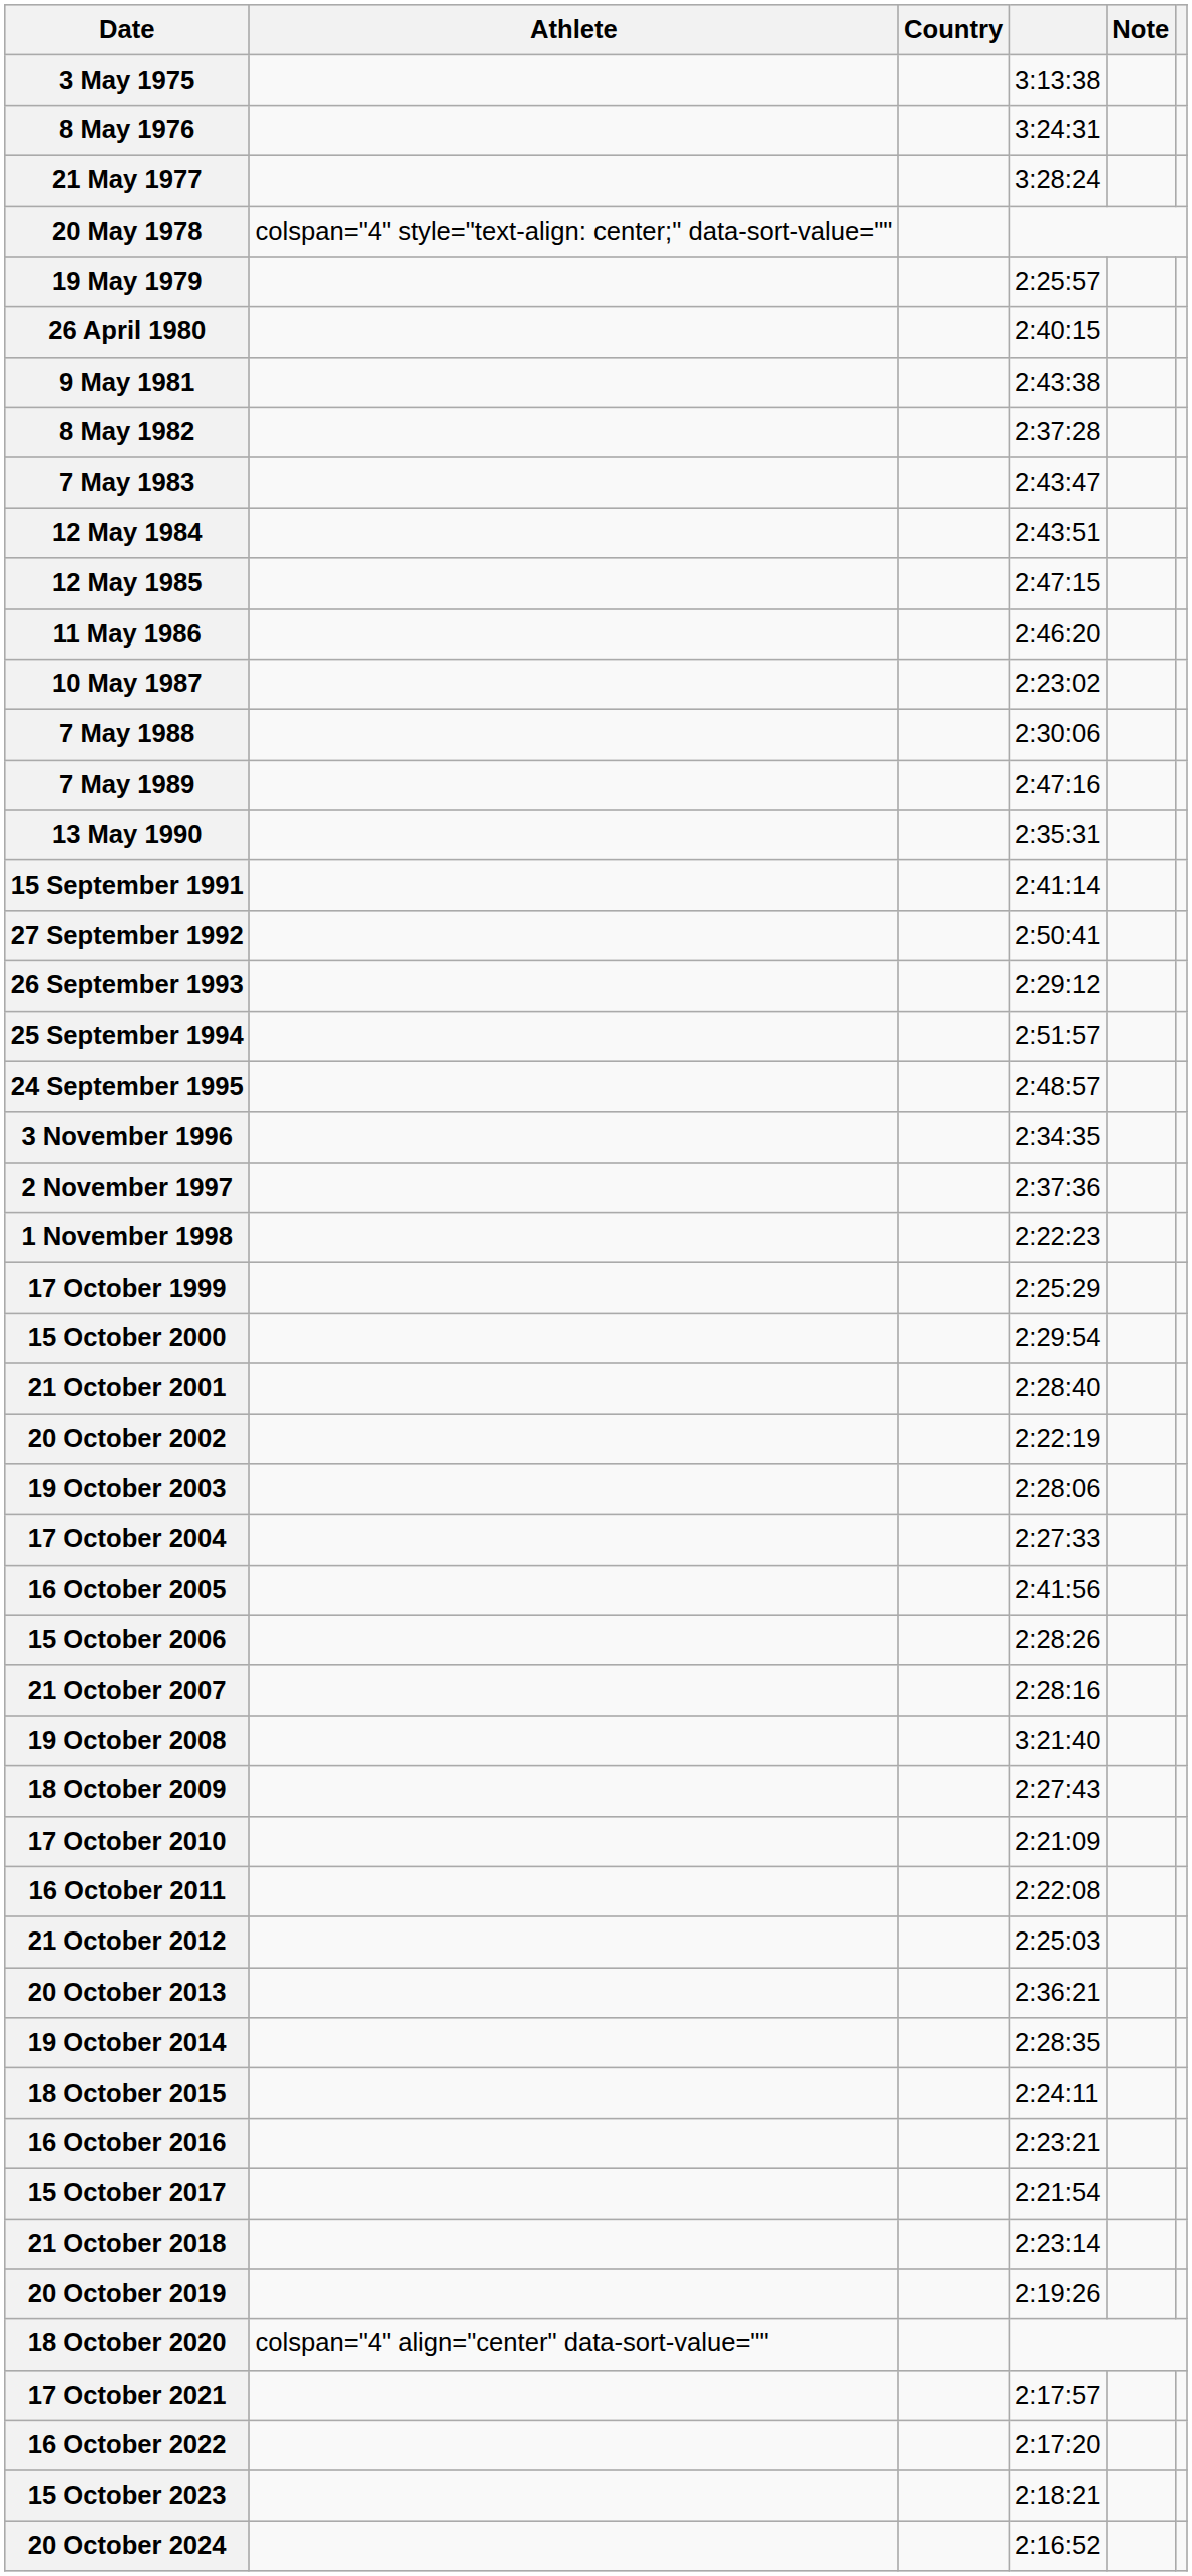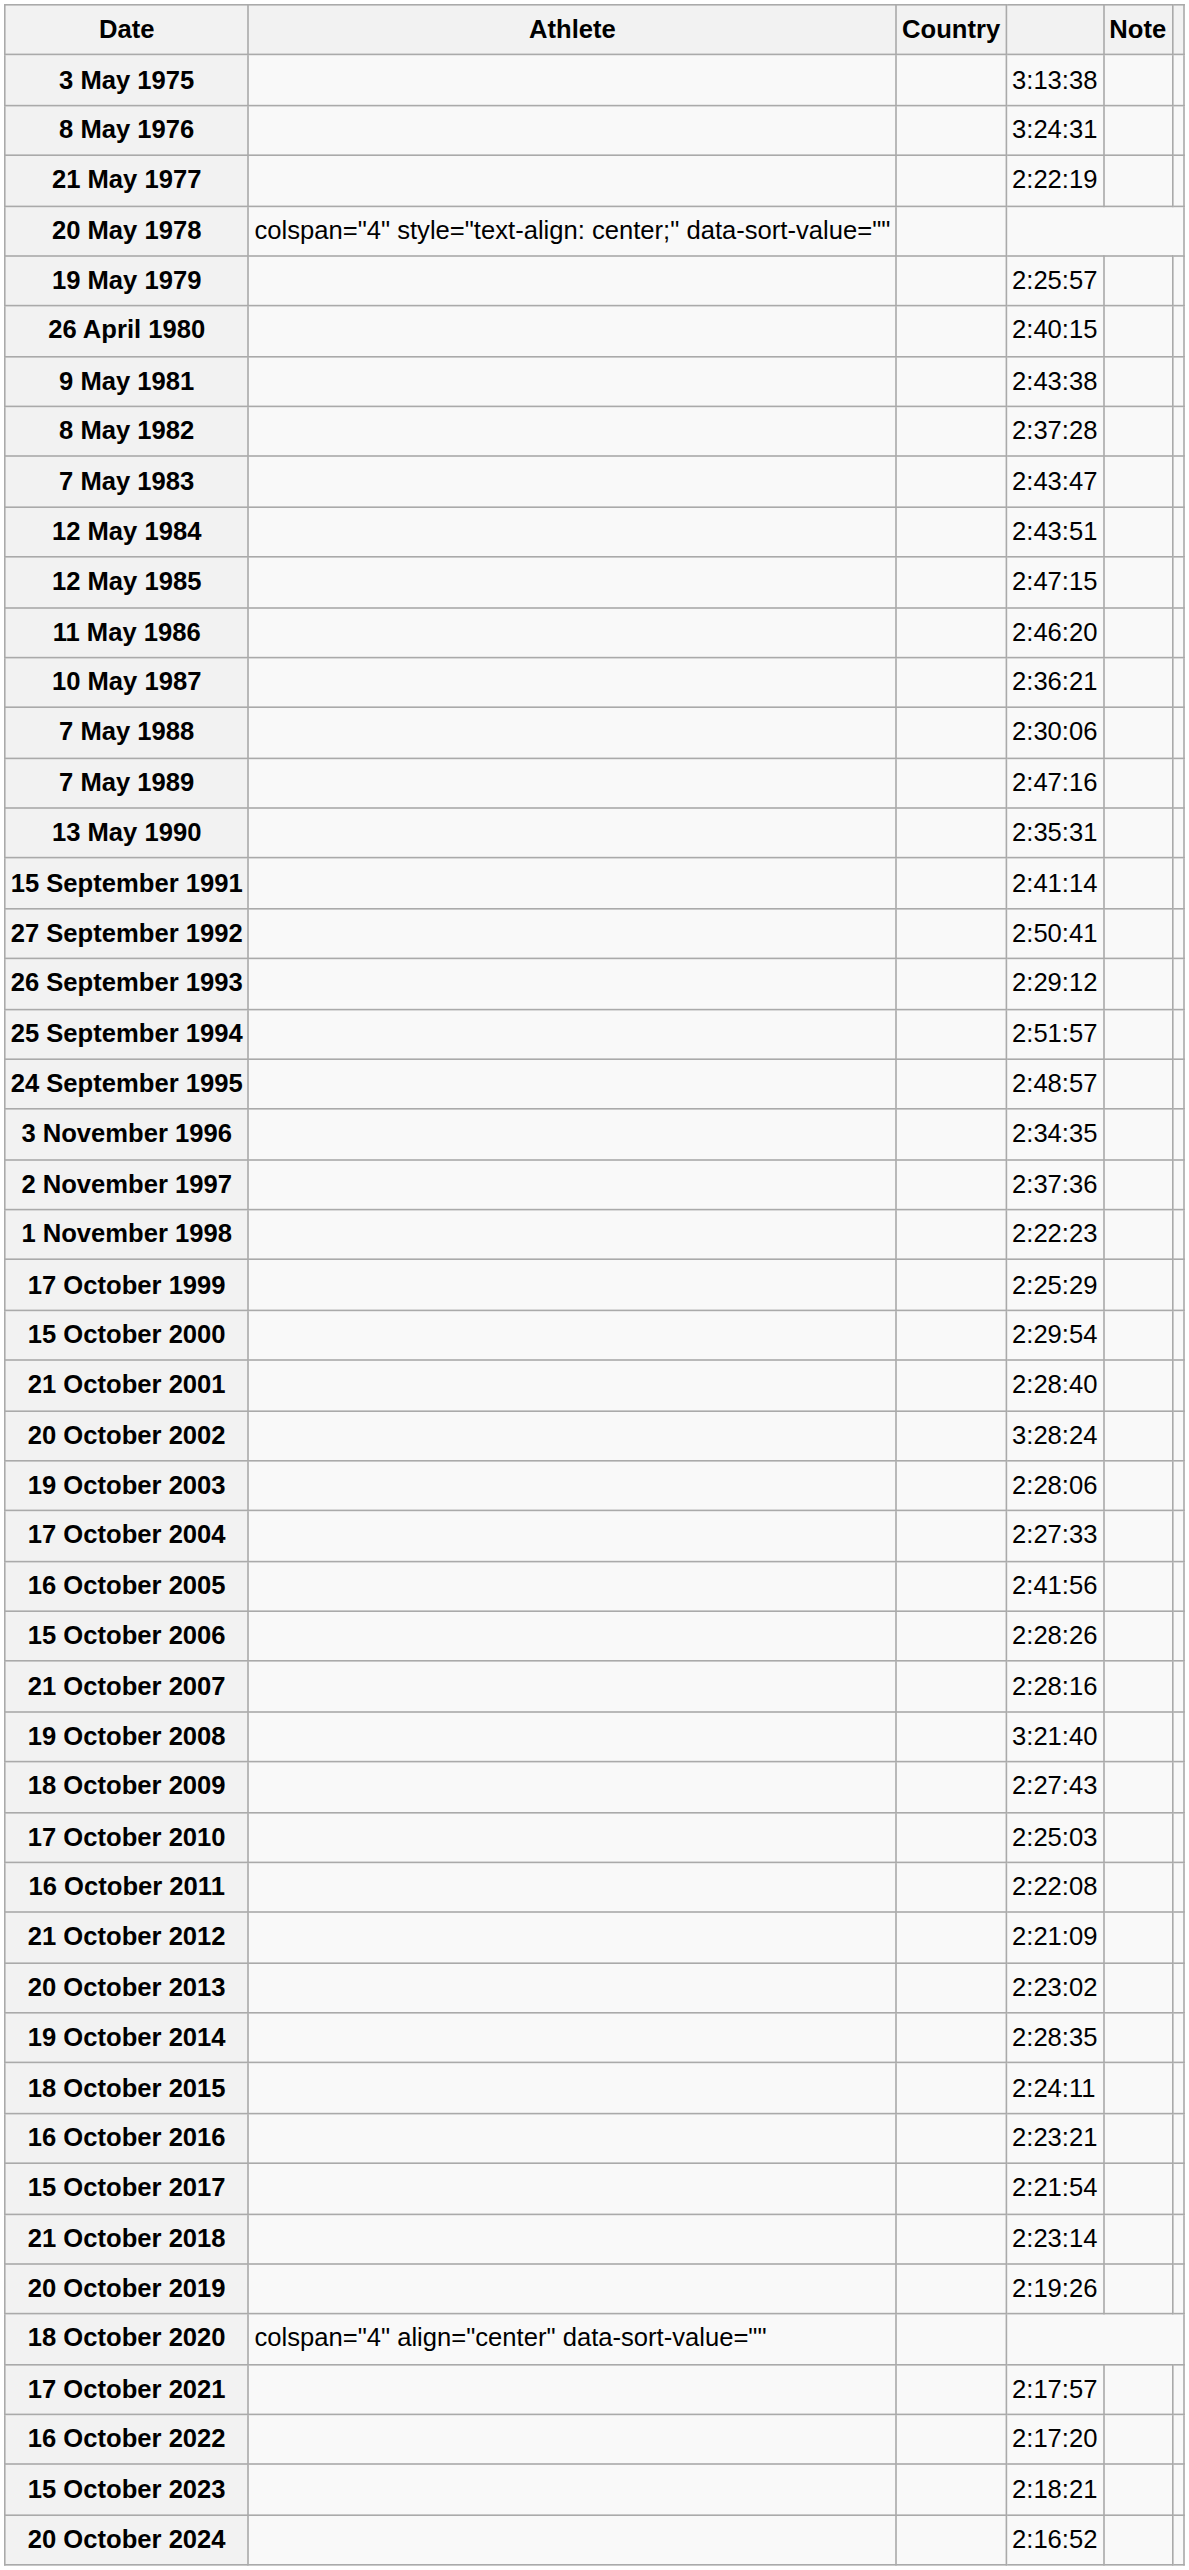 <table class="wikitable sortable plainrowheaders" style="font-size:1.00em; line-height:1.5em;">
 <tr>
 <th scope="col">Date</th>
 <th scope="col">Athlete</th>
 <th scope="col">Country</th>
 <th scope="col"></th>
 <th scope="col">Note</th>
 <th scope="col" class="unsortable"></th>
 </tr>
 <tr>
 <th scope="row">3 May 1975</th>
 <td></td>
 <td></td>
 <td>3:13:38</td>
 <td style="text-align:center;"><a href='#'></a></td>
 <td style="text-align:center;"></td>
 </tr>
 <tr>
 <th scope="row">8 May 1976</th>
 <td></td>
 <td></td>
 <td>3:24:31</td>
 <td></td>
 <td style="text-align:center;"></td>
 </tr>
 <tr>
 <th scope="row">21 May 1977</th>
 <td></td>
 <td></td>
-<td>3:28:24</td>
+<td>2:22:19</td>
 <td></td>
 <td style="text-align:center;"></td>
 </tr>
 <tr>
 <th scope="row">20 May 1978</th>
 <td>colspan="4" style="text-align: center;" data-sort-value="" </td>
 <td style="text-align:center;"></td>
 </tr>
 <tr>
 <th scope="row">19 May 1979</th>
 <td></td>
 <td></td>
 <td>2:25:57</td>
 <td></td>
 <td style="text-align:center;"></td>
 </tr>
 <tr>
 <th scope="row">26 April 1980</th>
 <td></td>
 <td></td>
 <td>2:40:15</td>
 <td style="text-align:center;"><a href='#'></a></td>
 <td style="text-align:center;"></td>
 </tr>
 <tr>
 <th scope="row">9 May 1981</th>
 <td></td>
 <td></td>
 <td>2:43:38</td>
 <td></td>
 <td style="text-align:center;"></td>
 </tr>
 <tr>
 <th scope="row">8 May 1982</th>
 <td></td>
 <td></td>
 <td>2:37:28</td>
 <td style="text-align:center;"><a href='#'></a></td>
 <td style="text-align:center;"></td>
 </tr>
 <tr>
 <th scope="row">7 May 1983</th>
 <td></td>
 <td></td>
 <td>2:43:47</td>
 <td></td>
 <td style="text-align:center;"></td>
 </tr>
 <tr>
 <th scope="row">12 May 1984</th>
 <td></td>
 <td></td>
 <td>2:43:51</td>
 <td></td>
 <td style="text-align:center;"></td>
 </tr>
 <tr>
 <th scope="row">12 May 1985</th>
 <td></td>
 <td></td>
 <td>2:47:15</td>
 <td></td>
 <td style="text-align:center;"></td>
 </tr>
 <tr>
 <th scope="row">11 May 1986</th>
 <td></td>
 <td></td>
 <td>2:46:20</td>
 <td></td>
 <td style="text-align:center;"></td>
 </tr>
 <tr>
 <th scope="row">10 May 1987</th>
 <td></td>
 <td></td>
-<td>2:23:02</td>
+<td>2:36:21</td>
 <td style="text-align:center;"><a href='#'></a></td>
 <td style="text-align:center;"></td>
 </tr>
 <tr>
 <th scope="row">7 May 1988</th>
 <td></td>
 <td></td>
 <td>2:30:06</td>
 <td></td>
 <td style="text-align:center;"></td>
 </tr>
 <tr>
 <th scope="row">7 May 1989</th>
 <td></td>
 <td></td>
 <td>2:47:16</td>
 <td></td>
 <td style="text-align:center;"></td>
 </tr>
 <tr>
 <th scope="row">13 May 1990</th>
 <td></td>
 <td></td>
 <td>2:35:31</td>
 <td style="text-align:center;"><a href='#'></a></td>
 <td style="text-align:center;"></td>
 </tr>
 <tr>
 <th scope="row">15 September 1991</th>
 <td></td>
 <td></td>
 <td>2:41:14</td>
 <td></td>
 <td style="text-align:center;"></td>
 </tr>
 <tr>
 <th scope="row">27 September 1992</th>
 <td></td>
 <td></td>
 <td>2:50:41</td>
 <td></td>
 <td style="text-align:center;"></td>
 </tr>
 <tr>
 <th scope="row">26 September 1993</th>
 <td></td>
 <td></td>
 <td>2:29:12</td>
 <td style="text-align:center;"><a href='#'></a></td>
 <td style="text-align:center;"></td>
 </tr>
 <tr>
 <th scope="row">25 September 1994</th>
 <td></td>
 <td></td>
 <td>2:51:57</td>
 <td></td>
 <td style="text-align:center;"></td>
 </tr>
 <tr>
 <th scope="row">24 September 1995</th>
 <td></td>
 <td></td>
 <td>2:48:57</td>
 <td></td>
 <td style="text-align:center;"></td>
 </tr>
 <tr>
 <th scope="row">3 November 1996</th>
 <td></td>
 <td></td>
 <td>2:34:35</td>
 <td></td>
 <td style="text-align:center;"></td>
 </tr>
 <tr>
 <th scope="row">2 November 1997</th>
 <td></td>
 <td></td>
 <td>2:37:36</td>
 <td></td>
 <td style="text-align:center;"></td>
 </tr>
 <tr>
 <th scope="row">1 November 1998</th>
 <td></td>
 <td></td>
 <td>2:22:23</td>
 <td style="text-align:center;"><a href='#'></a></td>
 <td style="text-align:center;"></td>
 </tr>
 <tr>
 <th scope="row">17 October 1999</th>
 <td></td>
 <td></td>
 <td>2:25:29</td>
 <td></td>
 <td style="text-align:center;"></td>
 </tr>
 <tr>
 <th scope="row">15 October 2000</th>
 <td></td>
 <td></td>
 <td>2:29:54</td>
 <td></td>
 <td style="text-align:center;"></td>
 </tr>
 <tr>
 <th scope="row">21 October 2001</th>
 <td></td>
 <td></td>
 <td>2:28:40</td>
 <td></td>
 <td style="text-align:center;"></td>
 </tr>
 <tr>
 <th scope="row">20 October 2002</th>
 <td></td>
 <td></td>
-<td>2:22:19</td>
+<td>3:28:24</td>
 <td style="text-align:center;"><a href='#'></a></td>
 <td style="text-align:center;"></td>
 </tr>
 <tr>
 <th scope="row">19 October 2003</th>
 <td></td>
 <td></td>
 <td>2:28:06</td>
 <td></td>
 <td style="text-align:center;"></td>
 </tr>
 <tr>
 <th scope="row">17 October 2004</th>
 <td></td>
 <td></td>
 <td>2:27:33</td>
 <td></td>
 <td style="text-align:center;"></td>
 </tr>
 <tr>
 <th scope="row">16 October 2005</th>
 <td></td>
 <td></td>
 <td>2:41:56</td>
 <td></td>
 <td style="text-align:center;"></td>
 </tr>
 <tr>
 <th scope="row">15 October 2006</th>
 <td></td>
 <td></td>
 <td>2:28:26</td>
 <td></td>
 <td style="text-align:center;"></td>
 </tr>
 <tr>
 <th scope="row">21 October 2007</th>
 <td></td>
 <td></td>
 <td>2:28:16</td>
 <td></td>
 <td style="text-align:center;"></td>
 </tr>
 <tr>
 <th scope="row">19 October 2008</th>
 <td></td>
 <td></td>
 <td>3:21:40</td>
 <td></td>
 <td style="text-align:center;"></td>
 </tr>
 <tr>
 <th scope="row">18 October 2009</th>
 <td></td>
 <td></td>
 <td>2:27:43</td>
 <td></td>
 <td style="text-align:center;"></td>
 </tr>
 <tr>
 <th scope="row">17 October 2010</th>
 <td></td>
 <td></td>
-<td>2:21:09</td>
+<td>2:25:03</td>
 <td></td>
 <td style="text-align:center;"></td>
 </tr>
 <tr>
 <th scope="row">16 October 2011</th>
 <td></td>
 <td></td>
 <td>2:22:08</td>
 <td style="text-align:center;"><a href='#'></a></td>
 <td style="text-align:center;"></td>
 </tr>
 <tr>
 <th scope="row">21 October 2012</th>
 <td></td>
 <td></td>
-<td>2:25:03</td>
+<td>2:21:09</td>
 <td style="text-align:center;"><a href='#'></a></td>
 <td style="text-align:center;"></td>
 </tr>
 <tr>
 <th scope="row">20 October 2013</th>
 <td></td>
 <td></td>
-<td>2:36:21</td>
+<td>2:23:02</td>
 <td></td>
 <td style="text-align:center;"></td>
 </tr>
 <tr>
 <th scope="row">19 October 2014</th>
 <td></td>
 <td></td>
 <td>2:28:35</td>
 <td></td>
 <td style="text-align:center;"></td>
 </tr>
 <tr>
 <th scope="row">18 October 2015</th>
 <td></td>
 <td></td>
 <td>2:24:11</td>
 <td></td>
 <td style="text-align:center;"></td>
 </tr>
 <tr>
 <th scope="row">16 October 2016</th>
 <td></td>
 <td></td>
 <td>2:23:21</td>
 <td></td>
 <td style="text-align:center;"></td>
 </tr>
 <tr>
 <th scope="row">15 October 2017</th>
 <td></td>
 <td></td>
 <td>2:21:54</td>
 <td></td>
 <td style="text-align:center;"></td>
 </tr>
 <tr>
 <th scope="row">21 October 2018</th>
 <td></td>
 <td></td>
 <td>2:23:14</td>
 <td></td>
 <td style="text-align:center;"></td>
 </tr>
 <tr>
 <th scope="row">20 October 2019</th>
 <td></td>
 <td></td>
 <td>2:19:26</td>
 <td style="text-align:center;"><a href='#'></a></td>
 <td style="text-align:center;"></td>
 </tr>
 <tr>
 <th scope="row">18 October 2020</th>
 <td>colspan="4" align="center" data-sort-value="" </td>
 <td style="text-align:center;"></td>
 </tr>
 <tr>
 <th scope="row">17 October 2021</th>
 <td></td>
 <td></td>
 <td>2:17:57</td>
 <td style="text-align:center;"><a href='#'></a></td>
 <td style="text-align:center;"></td>
 </tr>
 <tr>
 <th scope="row">16 October 2022</th>
 <td></td>
 <td></td>
 <td>2:17:20</td>
 <td style="text-align:center;"><a href='#'></a></td>
 <td style="text-align:center;"></td>
 </tr>
 <tr>
 <th scope="row">15 October 2023</th>
 <td></td>
 <td></td>
 <td>2:18:21</td>
 <td></td>
 <td style="text-align:center;"></td>
 </tr>
 <tr>
 <th scope="row">20 October 2024</th>
 <td></td>
 <td></td>
 <td>2:16:52</td>
 <td style="text-align:center;"><a href='#'></a></td>
 <td style="text-align:center;"></td>
 </tr>
 </table>
